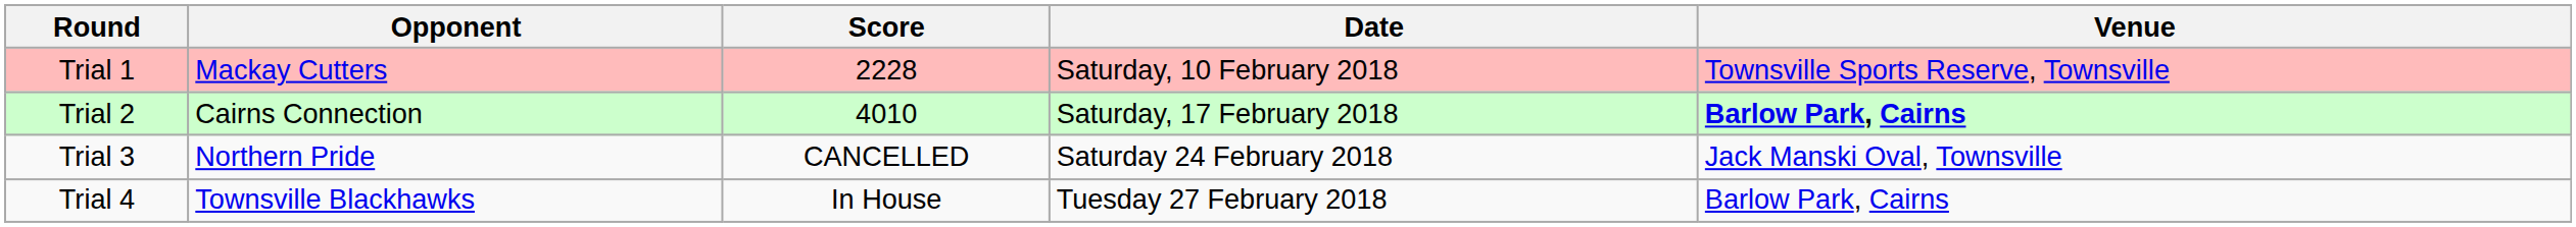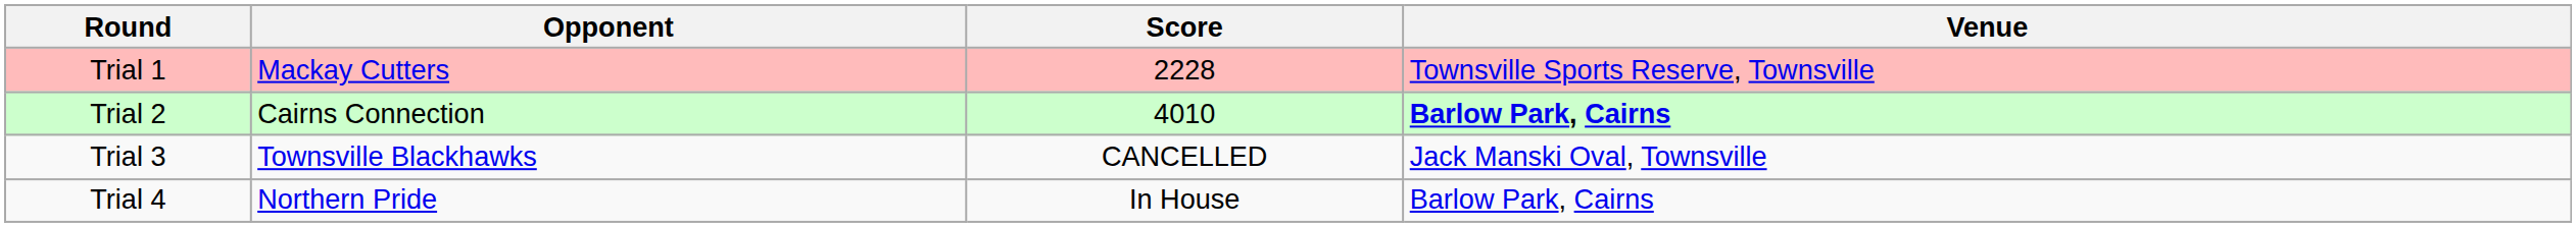 <table class="wikitable" style="font-size:85%; bgcolor:#d6d6d6; width:100%;">
 <tr>
 <th width="">Round</th>
 <th width="">Opponent</th>
 <th width="">Score</th>
-<th width="">Date</th>
 <th width="">Venue</th>
 </tr>
 <tr bgcolor=#FFBBBB>
 <td style="text-align:center;">Trial 1</td>
 <td> <a href='#'>Mackay Cutters</a></td>
 <td style="text-align:center;">2228</td>
-<td>Saturday, 10 February 2018</td>
 <td><a href='#'>Townsville Sports Reserve</a>, <a href='#'>Townsville</a></td>
 </tr>
 <tr bgcolor=#CCFFCC>
 <td style="text-align:center;">Trial 2</td>
 <td> Cairns Connection</td>
 <td style="text-align:center;">4010</td>
-<td>Saturday, 17 February 2018</td>
 <td><strong><a href='#'>Barlow Park</a>, <a href='#'>Cairns</a></strong></td>
 </tr>
 <tr bgcolor=>
 <td style="text-align:center;">Trial 3</td>
-<td> <a href='#'>Northern Pride</a></td>
+<td> <a href='#'>Townsville Blackhawks</a></td>
 <td style="text-align:center;">CANCELLED</td>
-<td>Saturday 24 February 2018</td>
 <td><a href='#'>Jack Manski Oval</a>, <a href='#'>Townsville</a></td>
 </tr>
 <tr bgcolor=>
 <td style="text-align:center;">Trial 4</td>
-<td> <a href='#'>Townsville Blackhawks</a></td>
+<td> <a href='#'>Northern Pride</a></td>
 <td style="text-align:center;">In House</td>
-<td>Tuesday 27 February 2018</td>
 <td><a href='#'>Barlow Park</a>, <a href='#'>Cairns</a></td>
 </tr>
 </table>
